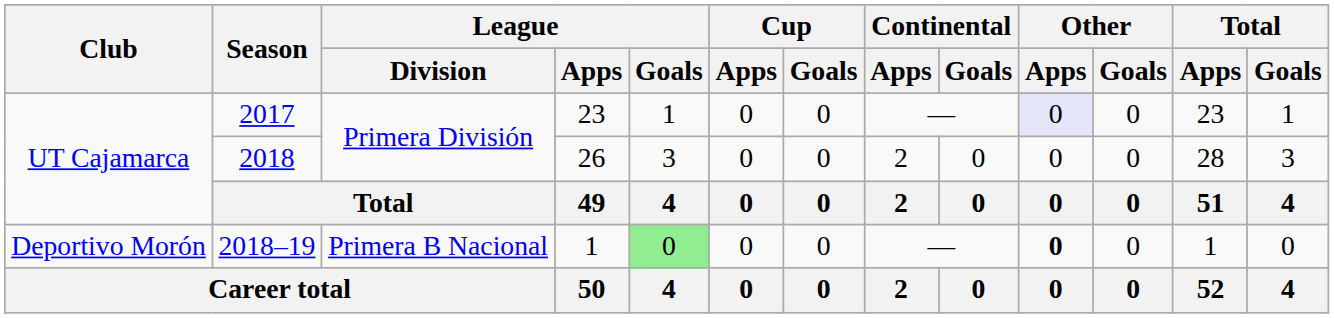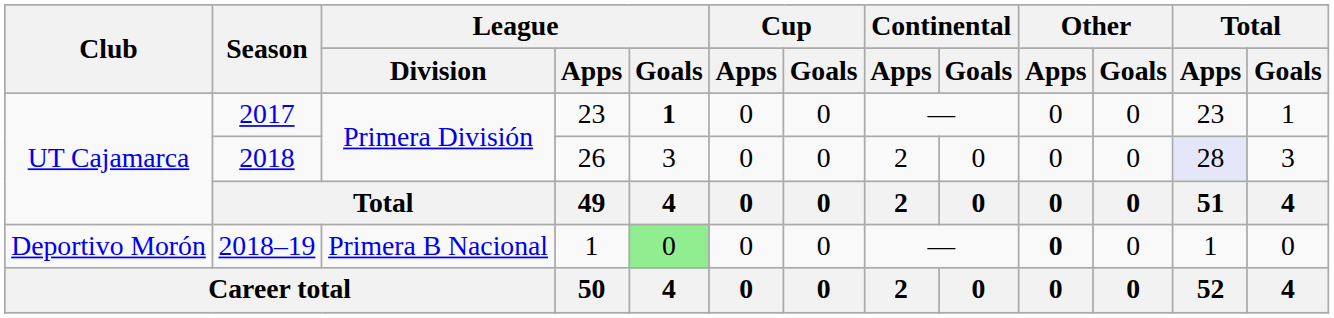 <table class="wikitable" style="text-align:center">
 <tr>
 <th rowspan="2">Club</th>
 <th rowspan="2">Season</th>
 <th colspan="3">League</th>
 <th colspan="2">Cup</th>
 <th colspan="2">Continental</th>
 <th colspan="2">Other</th>
 <th colspan="2">Total</th>
 </tr>
 <tr>
 <th>Division</th>
 <th>Apps</th>
 <th>Goals</th>
 <th>Apps</th>
 <th>Goals</th>
 <th>Apps</th>
 <th>Goals</th>
 <th>Apps</th>
 <th>Goals</th>
 <th>Apps</th>
 <th>Goals</th>
 </tr>
 <tr>
 <td rowspan="3"><a href='#'>UT Cajamarca</a></td>
 <td><a href='#'>2017</a></td>
 <td rowspan="2"><a href='#'>Primera División</a></td>
 <td>23</td>
-<td>1</td>
+<td><strong>1</strong></td>
 <td>0</td>
 <td>0</td>
 <td colspan="2">—</td>
-<td style="background: lavender;">0</td>
+<td>0</td>
 <td>0</td>
 <td>23</td>
 <td>1</td>
 </tr>
 <tr>
 <td><a href='#'>2018</a></td>
 <td>26</td>
 <td>3</td>
 <td>0</td>
 <td>0</td>
 <td>2</td>
 <td>0</td>
 <td>0</td>
 <td>0</td>
-<td>28</td>
+<td style="background: lavender;">28</td>
 <td>3</td>
 </tr>
 <tr>
 <th colspan="2">Total</th>
 <th>49</th>
 <th>4</th>
 <th>0</th>
 <th>0</th>
 <th>2</th>
 <th>0</th>
 <th>0</th>
 <th>0</th>
 <th>51</th>
 <th>4</th>
 </tr>
 <tr>
 <td rowspan="1"><a href='#'>Deportivo Morón</a></td>
 <td><a href='#'>2018–19</a></td>
 <td rowspan="1"><a href='#'>Primera B Nacional</a></td>
 <td>1</td>
 <td style="background: lightgreen;">0</td>
 <td>0</td>
 <td>0</td>
 <td colspan="2">—</td>
 <td><strong>0</strong></td>
 <td>0</td>
 <td>1</td>
 <td>0</td>
 </tr>
 <tr>
 <th colspan="3">Career total</th>
 <th>50</th>
 <th>4</th>
 <th>0</th>
 <th>0</th>
 <th>2</th>
 <th>0</th>
 <th>0</th>
 <th>0</th>
 <th>52</th>
 <th>4</th>
 </tr>
 </table>
